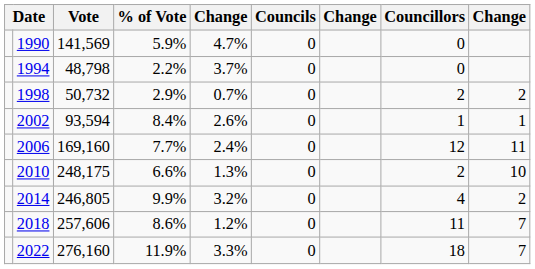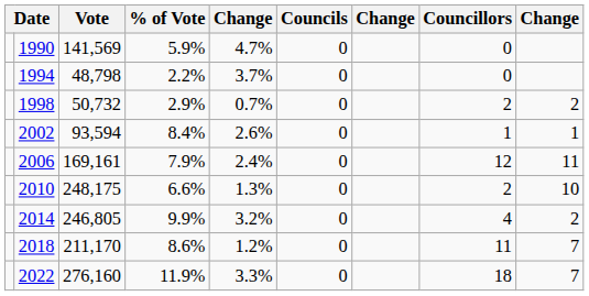 <table class="wikitable sortable" style="text-align: right">
 <tr>
 <th colspan="2">Date</th>
 <th>Vote</th>
 <th>% of Vote</th>
 <th>Change</th>
 <th>Councils</th>
 <th>Change</th>
 <th>Councillors</th>
 <th>Change</th>
 </tr>
 <tr>
 <td width="1"></td>
 <td><a href='#'>1990</a></td>
 <td>141,569</td>
 <td>5.9%</td>
 <td>4.7%</td>
 <td>0</td>
 <td></td>
 <td>0</td>
 <td></td>
 </tr>
 <tr>
 <td width="1"></td>
 <td><a href='#'>1994</a></td>
 <td>48,798</td>
 <td>2.2%</td>
 <td>3.7%</td>
 <td>0</td>
 <td></td>
 <td>0</td>
 <td></td>
 </tr>
 <tr>
 <td width="1"></td>
 <td><a href='#'>1998</a></td>
 <td>50,732</td>
 <td>2.9%</td>
 <td>0.7%</td>
 <td>0</td>
 <td></td>
 <td>2</td>
 <td>2</td>
 </tr>
 <tr>
 <td width="1"></td>
 <td><a href='#'>2002</a></td>
 <td>93,594</td>
 <td>8.4%</td>
 <td>2.6%</td>
 <td>0</td>
 <td></td>
 <td>1</td>
 <td>1</td>
 </tr>
 <tr>
 <td></td>
 <td><a href='#'>2006</a></td>
-<td>169,160</td>
-<td>7.7%</td>
+<td>169,161</td>
+<td>7.9%</td>
 <td>2.4%</td>
 <td>0</td>
 <td></td>
 <td>12</td>
 <td>11</td>
 </tr>
 <tr>
 <td></td>
 <td><a href='#'>2010</a></td>
 <td>248,175</td>
 <td>6.6%</td>
 <td>1.3%</td>
 <td>0</td>
 <td></td>
 <td>2</td>
 <td>10</td>
 </tr>
 <tr>
 <td></td>
 <td><a href='#'>2014</a></td>
 <td>246,805</td>
 <td>9.9%</td>
 <td>3.2%</td>
 <td>0</td>
 <td></td>
 <td>4</td>
 <td>2</td>
 </tr>
 <tr>
 <td></td>
 <td><a href='#'>2018</a></td>
-<td>257,606</td>
+<td>211,170</td>
 <td>8.6%</td>
 <td>1.2%</td>
 <td>0</td>
 <td></td>
 <td>11</td>
 <td>7</td>
 </tr>
 <tr>
 <td></td>
 <td><a href='#'>2022</a></td>
 <td>276,160</td>
 <td>11.9%</td>
 <td>3.3%</td>
 <td>0</td>
 <td></td>
 <td>18</td>
 <td>7</td>
 </tr>
 </table>
